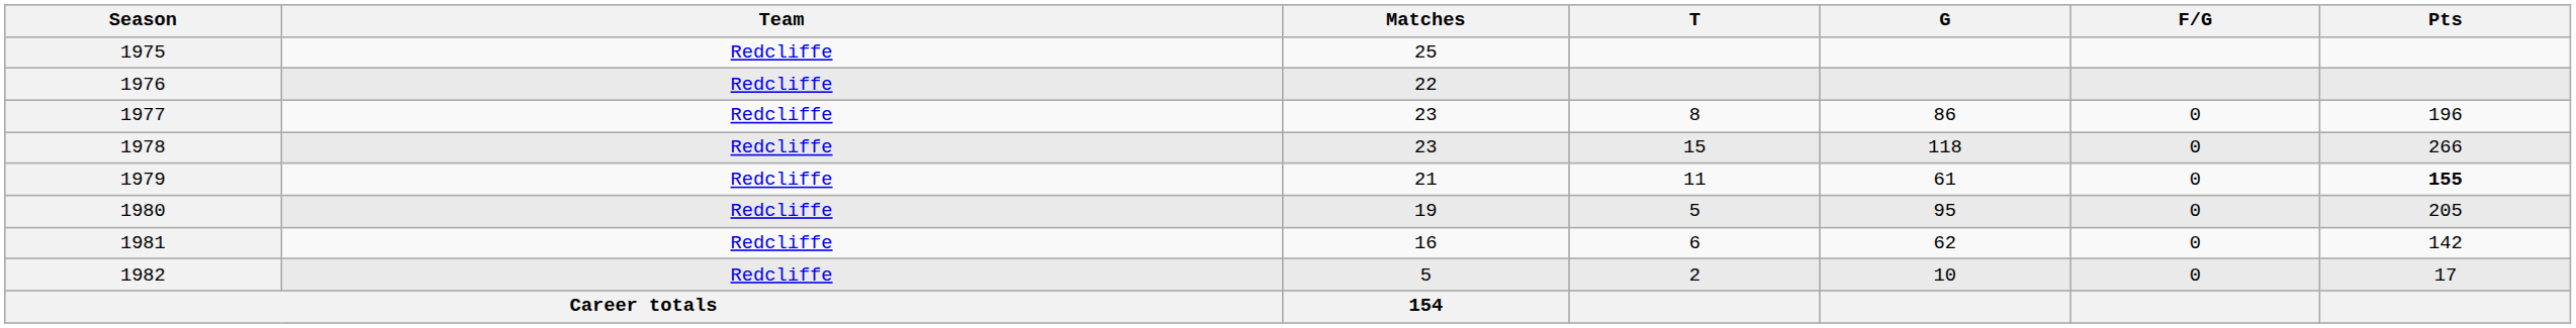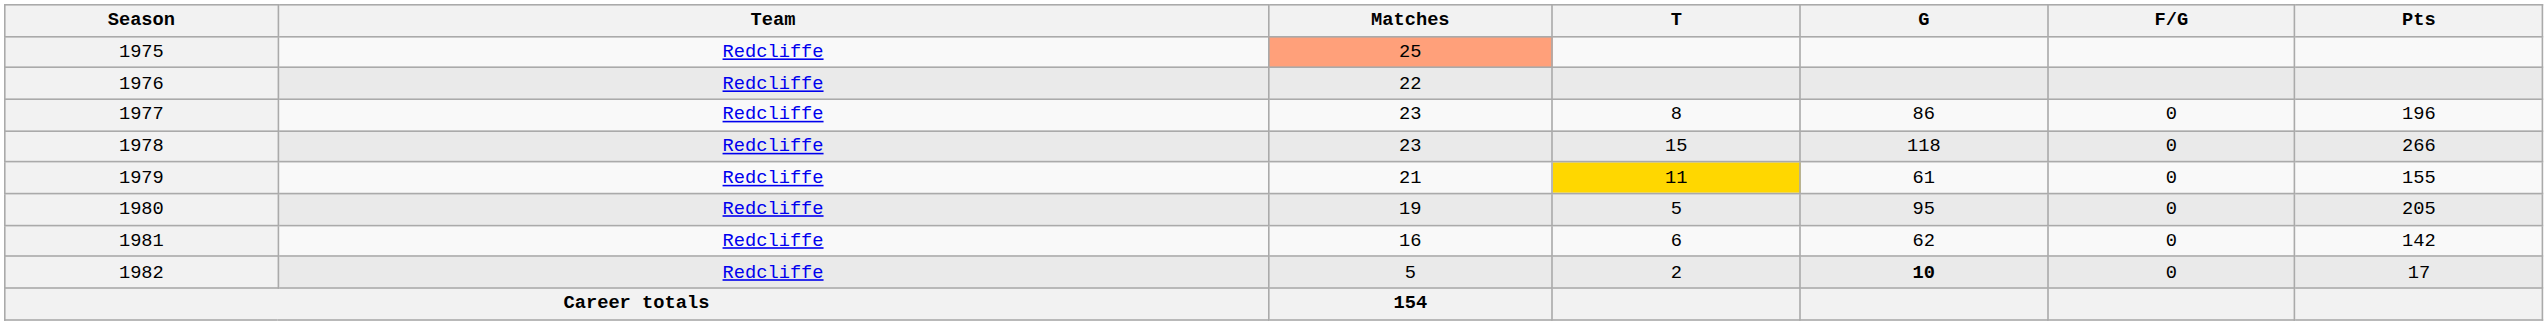 <table class="wikitable sortable" style="font-size:90%; text-align:center; width:80%;">
 <tr>
 <th width="2%">Season</th>
 <th width="8%">Team</th>
 <th width="2%">Matches</th>
 <th width="2%">T</th>
 <th width="2%">G</th>
 <th width="2%">F/G</th>
 <th width="2%">Pts</th>
 </tr>
 <tr>
 <th scope="row" style="text-align:center; font-weight:normal">1975</th>
 <td style="text-align:center;"> <a href='#'>Redcliffe</a></td>
-<td>25</td>
+<td style="background: lightsalmon;">25</td>
 <td></td>
 <td></td>
 <td></td>
 <td></td>
 </tr>
 <tr style="background:#eaeaea;">
 <th scope="row" style="text-align:center; font-weight:normal">1976</th>
 <td style="text-align:center;"> <a href='#'>Redcliffe</a></td>
 <td>22</td>
 <td></td>
 <td></td>
 <td></td>
 <td></td>
 </tr>
 <tr>
 <th scope="row" style="text-align:center; font-weight:normal;">1977</th>
 <td style="text-align:center;"> <a href='#'>Redcliffe</a></td>
 <td>23</td>
 <td>8</td>
 <td>86</td>
 <td>0</td>
 <td>196</td>
 </tr>
 <tr style="background:#eaeaea;">
 <th scope="row" style="text-align:center; font-weight:normal">1978</th>
 <td style="text-align:center;"> <a href='#'>Redcliffe</a></td>
 <td>23</td>
 <td>15</td>
 <td>118</td>
 <td>0</td>
 <td>266</td>
 </tr>
 <tr>
 <th scope="row" style="text-align:center; font-weight:normal">1979</th>
 <td style="text-align:center;"> <a href='#'>Redcliffe</a></td>
 <td>21</td>
-<td>11</td>
+<td style="background: gold;">11</td>
 <td>61</td>
 <td>0</td>
-<td><strong>155</strong></td>
+<td>155</td>
 </tr>
 <tr style="background:#eaeaea;">
 <th scope="row" style="text-align:center; font-weight:normal">1980</th>
 <td style="text-align:center;"> <a href='#'>Redcliffe</a></td>
 <td>19</td>
 <td>5</td>
 <td>95</td>
 <td>0</td>
 <td>205</td>
 </tr>
 <tr>
 <th scope="row" style="text-align:center; font-weight:normal">1981</th>
 <td style="text-align:center;"> <a href='#'>Redcliffe</a></td>
 <td>16</td>
 <td>6</td>
 <td>62</td>
 <td>0</td>
 <td>142</td>
 </tr>
 <tr style="background:#eaeaea;">
 <th scope="row" style="text-align:center; font-weight:normal">1982</th>
 <td style="text-align:center;"> <a href='#'>Redcliffe</a></td>
 <td>5</td>
 <td>2</td>
-<td>10</td>
+<td><strong>10</strong></td>
 <td>0</td>
 <td>17</td>
 </tr>
 <tr class="sortbottom">
 <th colspan="2">Career totals</th>
 <th>154</th>
 <th></th>
 <th></th>
 <th></th>
 <th></th>
 </tr>
 </table>
